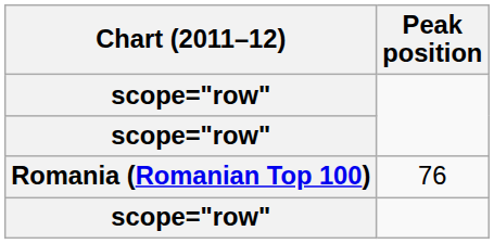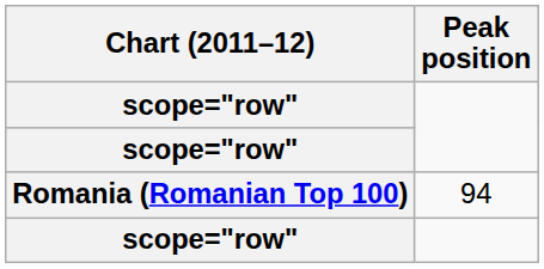 <table class="wikitable sortable plainrowheaders">
 <tr>
 <th scope="col">Chart (2011–12)</th>
 <th scope="col">Peak<br>position</th>
 </tr>
 <tr>
 <th>scope="row"</th>
 </tr>
 <tr>
 <th>scope="row"</th>
 </tr>
 <tr>
 <th scope="row">Romania (<a href='#'>Romanian Top 100</a>)</th>
-<td align="center">76</td>
+<td align="center">94</td>
 </tr>
 <tr>
 <th>scope="row"</th>
 </tr>
 </table>
